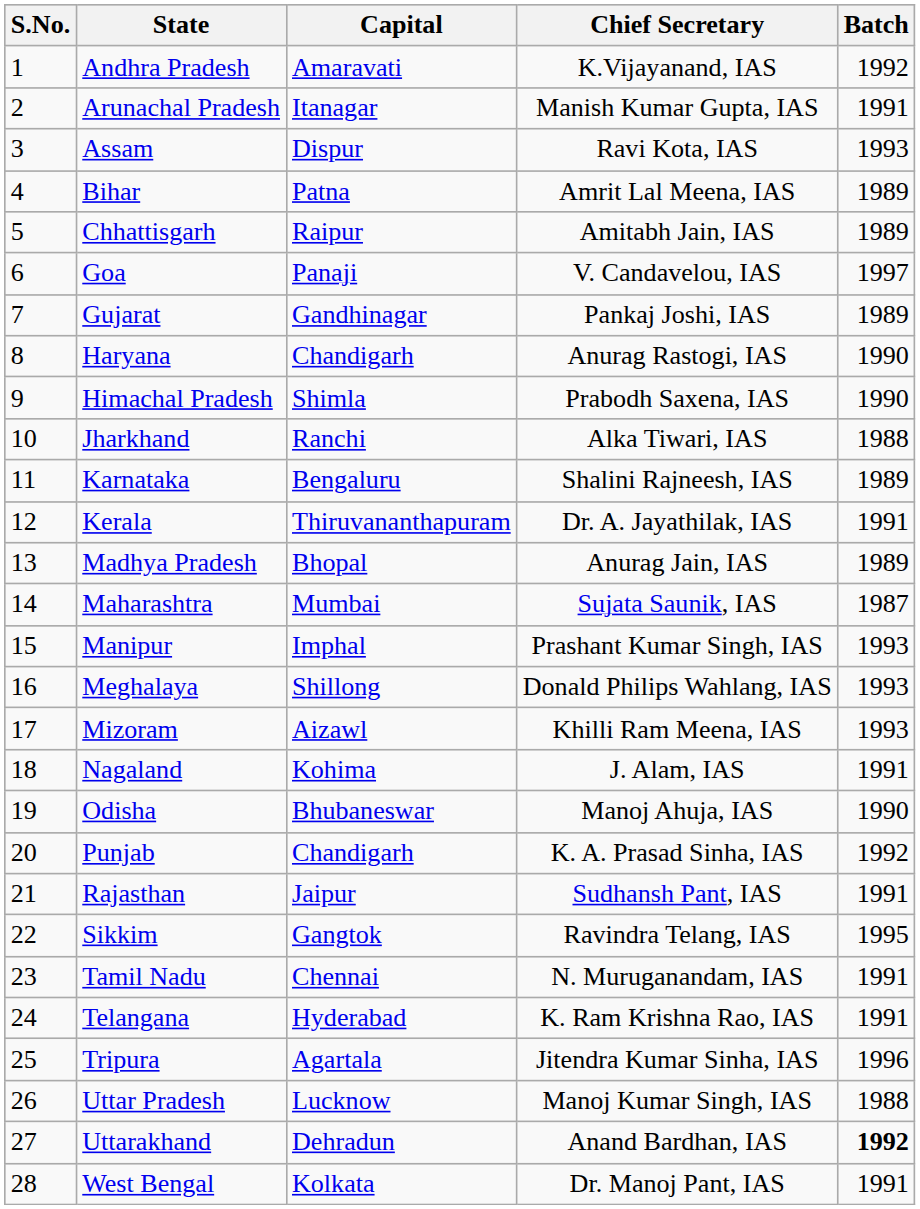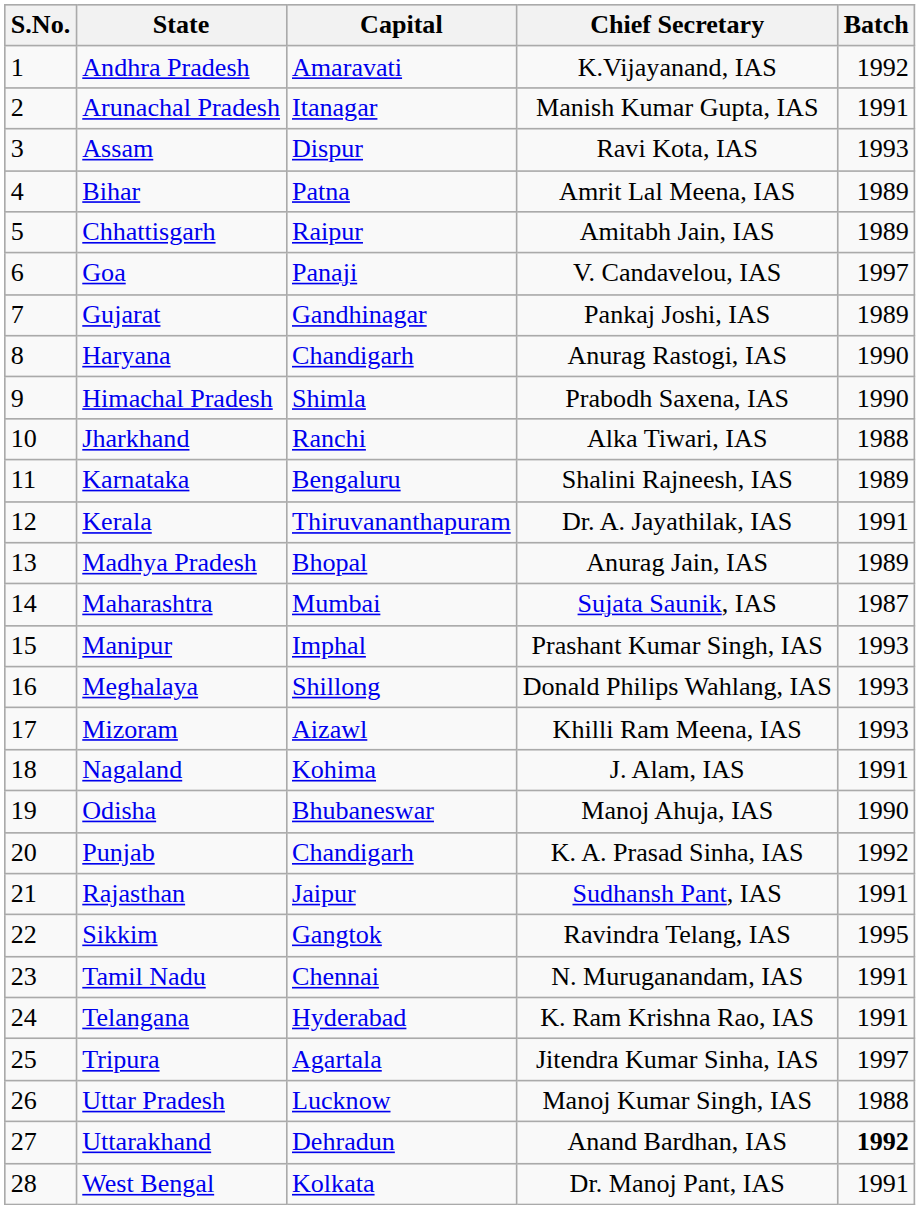 <table class="wikitable sortable mw-collapsible">
 <tr>
 <th style="padding-center:15px;">S.No.</th>
 <th style="padding-center:15px;">State</th>
 <th style="padding-center:15px;">Capital</th>
 <th style="padding-center:15px;">Chief Secretary</th>
 <th style="padding-center:15px;">Batch</th>
 </tr>
 <tr>
 <td>1</td>
 <td><a href='#'>Andhra Pradesh</a></td>
 <td><a href='#'>Amaravati</a></td>
 <td align=center>K.Vijayanand, IAS</td>
 <td align=right>1992</td>
 </tr>
 <tr>
 <td>2</td>
 <td><a href='#'>Arunachal Pradesh</a></td>
 <td><a href='#'>Itanagar</a></td>
 <td align=center>Manish Kumar Gupta, IAS</td>
 <td align=right>1991</td>
 </tr>
 <tr>
 <td>3</td>
 <td><a href='#'>Assam</a><br></td>
 <td><a href='#'>Dispur</a></td>
 <td align=center>Ravi Kota, IAS</td>
 <td align=right>1993</td>
 </tr>
 <tr>
 <td>4</td>
 <td><a href='#'>Bihar</a></td>
 <td><a href='#'>Patna</a></td>
 <td align=center>Amrit Lal Meena, IAS</td>
 <td align=right>1989</td>
 </tr>
 <tr>
 <td>5</td>
 <td><a href='#'>Chhattisgarh</a></td>
 <td><a href='#'>Raipur</a></td>
 <td align=center>Amitabh Jain, IAS</td>
 <td align=right>1989</td>
 </tr>
 <tr>
 <td>6</td>
 <td><a href='#'>Goa</a></td>
 <td><a href='#'>Panaji</a></td>
 <td align=center>V. Candavelou, IAS</td>
 <td align=right>1997</td>
 </tr>
 <tr>
 <td>7</td>
 <td><a href='#'>Gujarat</a></td>
 <td><a href='#'>Gandhinagar</a></td>
 <td align=center>Pankaj Joshi, IAS</td>
 <td align=right>1989</td>
 </tr>
 <tr>
 <td>8</td>
 <td><a href='#'>Haryana</a></td>
 <td><a href='#'>Chandigarh</a></td>
 <td align=center>Anurag Rastogi, IAS</td>
 <td align=right>1990</td>
 </tr>
 <tr>
 <td>9</td>
 <td><a href='#'>Himachal Pradesh</a></td>
 <td><a href='#'>Shimla</a></td>
 <td align=center>Prabodh Saxena, IAS</td>
 <td align=right>1990</td>
 </tr>
 <tr>
 <td>10</td>
 <td><a href='#'>Jharkhand</a></td>
 <td><a href='#'>Ranchi</a></td>
 <td align=center>Alka Tiwari, IAS</td>
 <td align=right>1988</td>
 </tr>
 <tr>
 <td>11</td>
 <td><a href='#'>Karnataka</a></td>
 <td><a href='#'>Bengaluru</a></td>
 <td align=center>Shalini Rajneesh, IAS</td>
 <td align=right>1989</td>
 </tr>
 <tr>
 <td>12</td>
 <td><a href='#'>Kerala</a></td>
 <td><a href='#'>Thiruvananthapuram</a></td>
 <td align=center>Dr. A. Jayathilak, IAS</td>
 <td align=right>1991</td>
 </tr>
 <tr>
 <td>13</td>
 <td><a href='#'>Madhya Pradesh</a></td>
 <td><a href='#'>Bhopal</a></td>
 <td align=center>Anurag Jain, IAS</td>
 <td align=right>1989</td>
 </tr>
 <tr>
 <td>14</td>
 <td><a href='#'>Maharashtra</a><br></td>
 <td><a href='#'>Mumbai</a></td>
 <td align=center><a href='#'>Sujata Saunik</a>, IAS</td>
 <td align=right>1987</td>
 </tr>
 <tr>
 <td>15</td>
 <td><a href='#'>Manipur</a></td>
 <td><a href='#'>Imphal</a></td>
 <td align=center>Prashant Kumar Singh, IAS</td>
 <td align=right>1993</td>
 </tr>
 <tr>
 <td>16</td>
 <td><a href='#'>Meghalaya</a></td>
 <td><a href='#'>Shillong</a></td>
 <td align=center>Donald Philips Wahlang, IAS</td>
 <td align=right>1993</td>
 </tr>
 <tr>
 <td>17</td>
 <td><a href='#'>Mizoram</a><br></td>
 <td><a href='#'>Aizawl</a></td>
 <td align=center>Khilli Ram Meena, IAS</td>
 <td align=right>1993</td>
 </tr>
 <tr>
 <td>18</td>
 <td><a href='#'>Nagaland</a></td>
 <td><a href='#'>Kohima</a></td>
 <td align=center>J. Alam, IAS</td>
 <td align=right>1991</td>
 </tr>
 <tr>
 <td>19</td>
 <td><a href='#'>Odisha</a></td>
 <td><a href='#'>Bhubaneswar</a></td>
 <td align=center>Manoj Ahuja, IAS</td>
 <td align=right>1990</td>
 </tr>
 <tr>
 <td>20</td>
 <td><a href='#'>Punjab</a></td>
 <td><a href='#'>Chandigarh</a></td>
 <td align=center>K. A. Prasad Sinha,  IAS</td>
 <td align=right>1992</td>
 </tr>
 <tr>
 <td>21</td>
 <td><a href='#'>Rajasthan</a><br></td>
 <td><a href='#'>Jaipur</a></td>
 <td align=center><a href='#'>Sudhansh Pant</a>, IAS</td>
 <td align=right>1991</td>
 </tr>
 <tr>
 <td>22</td>
 <td><a href='#'>Sikkim</a></td>
 <td><a href='#'>Gangtok</a></td>
 <td align=center>Ravindra Telang, IAS</td>
 <td align=right>1995</td>
 </tr>
 <tr>
 <td>23</td>
 <td><a href='#'>Tamil Nadu</a></td>
 <td><a href='#'>Chennai</a></td>
 <td align=center>N. Muruganandam, IAS</td>
 <td align=right>1991</td>
 </tr>
 <tr>
 <td>24</td>
 <td><a href='#'>Telangana</a></td>
 <td><a href='#'>Hyderabad</a></td>
 <td align=center>K. Ram Krishna Rao, IAS</td>
 <td align=right>1991</td>
 </tr>
 <tr>
 <td>25</td>
 <td><a href='#'>Tripura</a></td>
 <td><a href='#'>Agartala</a></td>
 <td align=center>Jitendra Kumar Sinha, IAS</td>
-<td align=right>1996</td>
+<td align=right>1997</td>
 </tr>
 <tr>
 <td>26</td>
 <td><a href='#'>Uttar Pradesh</a></td>
 <td><a href='#'>Lucknow</a></td>
 <td align=center>Manoj Kumar Singh, IAS</td>
 <td align=right>1988</td>
 </tr>
 <tr>
 <td>27</td>
 <td><a href='#'>Uttarakhand</a><br></td>
 <td><a href='#'>Dehradun</a></td>
 <td align=center>Anand Bardhan, IAS</td>
 <td align=right><strong>1992</strong></td>
 </tr>
 <tr>
 <td>28</td>
 <td><a href='#'>West Bengal</a></td>
 <td><a href='#'>Kolkata</a></td>
 <td align=center>Dr. Manoj Pant, IAS</td>
 <td align=right>1991</td>
 </tr>
 </table>
